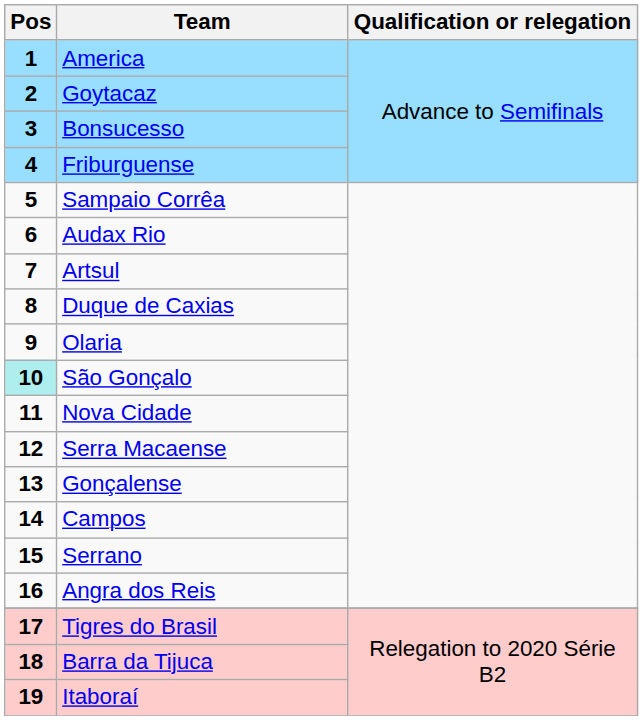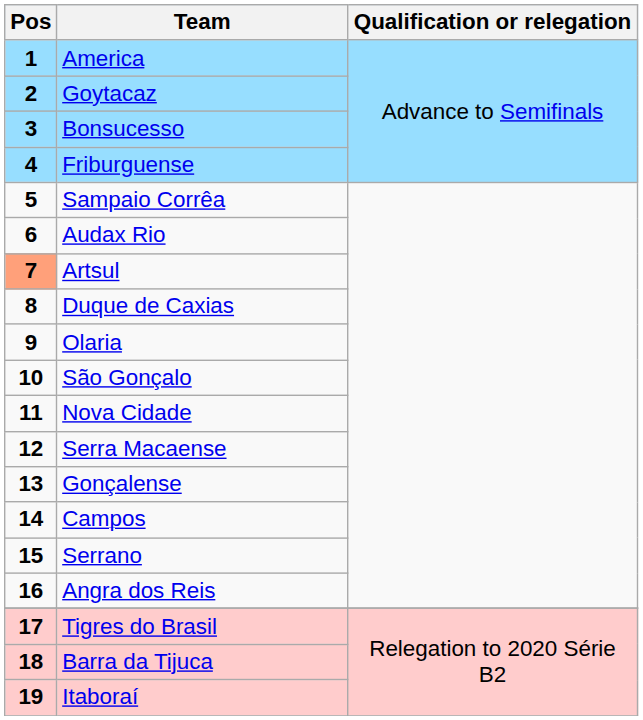 <table class="wikitable" style="text-align:center;">
 <tr bgcolor="#CCDDEE">
 <th width="30">Pos</th>
 <th width="200">Team</th>
 <th width="200">Qualification or relegation</th>
 </tr>
 <tr bgcolor="#97DEFF">
 <td><strong>1</strong></td>
 <td align="left"><a href='#'>America</a></td>
 <td rowspan="4" bgcolor="#97DEFF">Advance to <a href='#'>Semifinals</a></td>
 </tr>
 <tr bgcolor="#97DEFF">
 <td><strong>2</strong></td>
 <td align="left"><a href='#'>Goytacaz</a></td>
 </tr>
 <tr bgcolor="#97DEFF">
 <td><strong>3</strong></td>
 <td align="left"><a href='#'>Bonsucesso</a></td>
 </tr>
 <tr bgcolor="#97DEFF">
 <td><strong>4</strong></td>
 <td align="left"><a href='#'>Friburguense</a></td>
 </tr>
 <tr>
 <td><strong>5</strong></td>
 <td align="left"><a href='#'>Sampaio Corrêa</a></td>
 <td rowspan="12"></td>
 </tr>
 <tr>
 <td><strong>6</strong></td>
 <td align="left"><a href='#'>Audax Rio</a></td>
 </tr>
 <tr>
-<td><strong>7</strong></td>
+<td style="background: lightsalmon;"><strong>7</strong></td>
 <td align="left"><a href='#'>Artsul</a></td>
 </tr>
 <tr>
 <td><strong>8</strong></td>
 <td align="left"><a href='#'>Duque de Caxias</a></td>
 </tr>
 <tr>
 <td><strong>9</strong></td>
 <td align="left"><a href='#'>Olaria</a></td>
 </tr>
 <tr>
-<td style="background: paleturquoise;"><strong>10</strong></td>
+<td><strong>10</strong></td>
 <td align="left"><a href='#'>São Gonçalo</a></td>
 </tr>
 <tr>
 <td><strong>11</strong></td>
 <td align="left"><a href='#'>Nova Cidade</a></td>
 </tr>
 <tr>
 <td><strong>12</strong></td>
 <td align="left"><a href='#'>Serra Macaense</a></td>
 </tr>
 <tr>
 <td><strong>13</strong></td>
 <td align="left"><a href='#'>Gonçalense</a></td>
 </tr>
 <tr>
 <td><strong>14</strong></td>
 <td align="left"><a href='#'>Campos</a></td>
 </tr>
 <tr>
 <td><strong>15</strong></td>
 <td align="left"><a href='#'>Serrano</a></td>
 </tr>
 <tr>
 <td><strong>16</strong></td>
 <td align="left"><a href='#'>Angra dos Reis</a></td>
 </tr>
 <tr>
 </tr>
 <tr bgcolor="#FFCCCC">
 <td><strong>17</strong></td>
 <td align="left"><a href='#'>Tigres do Brasil</a></td>
 <td rowspan="3" bgcolor="#FFCCCC">Relegation to 2020 Série B2</td>
 </tr>
 <tr bgcolor="#FFCCCC">
 <td><strong>18</strong></td>
 <td align="left"><a href='#'>Barra da Tijuca</a></td>
 </tr>
 <tr bgcolor="#FFCCCC">
 <td><strong>19</strong></td>
 <td align="left"><a href='#'>Itaboraí</a></td>
 </tr>
 </table>
